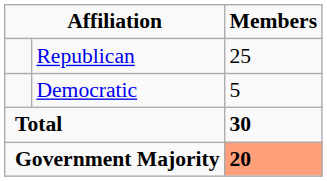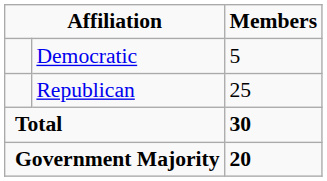 <table class="wikitable">
 <tr>
 <td colspan="2" rowspan="1" align="center" valign="top"><strong>Affiliation</strong></td>
 <td style="vertical-align:top;"><strong>Members</strong></td>
 </tr>
 <tr>
 <td style="background-color:"> </td>
-<td><a href='#'>Republican</a></td>
-<td>25</td>
+<td><a href='#'>Democratic</a></td>
+<td>5</td>
 </tr>
 <tr>
 <td style="background-color:"> </td>
-<td><a href='#'>Democratic</a></td>
-<td>5</td>
+<td><a href='#'>Republican</a></td>
+<td>25</td>
 </tr>
 <tr>
 <td colspan="2" rowspan="1"> <strong>Total</strong></td>
 <td><strong>30</strong></td>
 </tr>
 <tr>
 <td colspan="2" rowspan="1"> <strong>Government Majority</strong></td>
-<td style="background: lightsalmon;"><strong>20</strong></td>
+<td><strong>20</strong></td>
 </tr>
 </table>
